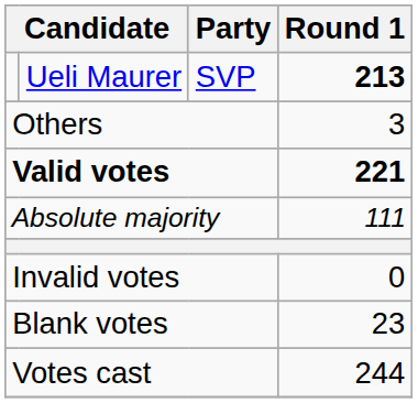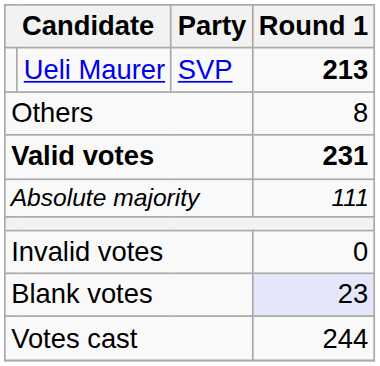 <table class="wikitable" style="text-align:right;">
 <tr>
 <th colspan=2>Candidate</th>
 <th>Party</th>
 <th>Round 1</th>
 </tr>
 <tr>
 <td style="background-color:"></td>
 <td style="text-align:left;"><a href='#'>Ueli Maurer</a></td>
 <td style="text-align:left;"><a href='#'>SVP</a></td>
 <td><strong>213</strong></td>
 </tr>
 <tr>
 <td colspan=3 style="text-align:left;">Others</td>
-<td>3</td>
+<td>8</td>
 </tr>
 <tr style="font-weight:bold;">
 <td colspan=3 style="text-align:left;">Valid votes</td>
-<td>221</td>
+<td>231</td>
 </tr>
 <tr style="font-style:italic; font-size:90%;">
 <td colspan=3 style="text-align:left;">Absolute majority</td>
 <td>111</td>
 </tr>
 <tr>
 <th colspan=10></th>
 </tr>
 <tr>
 <td colspan=3 style="text-align:left;">Invalid votes</td>
 <td>0</td>
 </tr>
 <tr>
 <td colspan=3 style="text-align:left;">Blank votes</td>
-<td>23</td>
+<td style="background: lavender;">23</td>
 </tr>
 <tr>
 <td colspan=3 style="text-align:left;">Votes cast</td>
 <td>244</td>
 </tr>
 <tr>
 </tr>
 </table>
